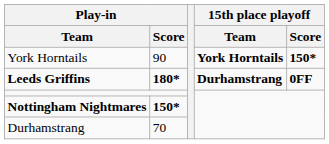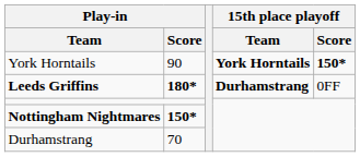 <table class="wikitable">
 <tr>
 <th colspan="2">Play-in</th>
 <th rowspan="7" style="border: none;"></th>
 <th colspan="2">15th place playoff</th>
 </tr>
 <tr>
 <th>Team</th>
 <th>Score</th>
 <th>Team</th>
 <th>Score</th>
 </tr>
 <tr>
 <td>York Horntails</td>
 <td>90</td>
 <td><strong>York Horntails</strong></td>
 <td><strong>150*</strong></td>
 </tr>
 <tr>
 <td><strong>Leeds Griffins</strong></td>
 <td><strong>180*</strong></td>
 <td><strong>Durhamstrang</strong></td>
-<td><strong>0FF</strong></td>
+<td>0FF</td>
 </tr>
 <tr>
 <td colspan="2"></td>
 <td colspan="2" rowspan="3"></td>
 </tr>
 <tr>
 <td><strong>Nottingham Nightmares</strong></td>
 <td><strong>150*</strong></td>
 </tr>
 <tr>
 <td>Durhamstrang</td>
 <td>70</td>
 </tr>
 </table>
